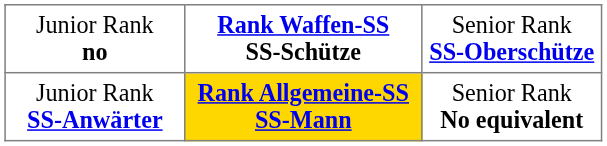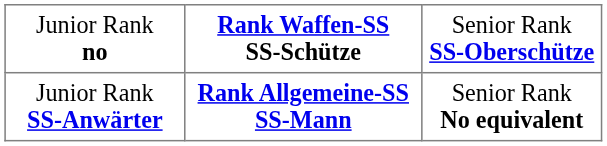 <table class="toccolours" border="1" cellpadding="4" cellspacing="0" style="border-collapse: collapse; margin: 0.5em auto; clear: both;">
 <tr>
 <td style="width:30%; text-align:center;">Junior Rank<br><strong>no</strong></td>
 <td style="width:40%; text-align:center;"><strong><a href='#'>Rank Waffen-SS</a></strong><br><strong>SS-Schütze</strong></td>
 <td style="width:30%; text-align:center;">Senior Rank<br><strong><a href='#'>SS-Oberschütze</a></strong></td>
 </tr>
 <tr>
 <td style="width:30%; text-align:center;">Junior Rank<br><strong><a href='#'>SS-Anwärter</a></strong></td>
-<td style="background: gold; width:40%; text-align:center;"><strong><a href='#'>Rank Allgemeine-SS</a></strong><br><strong><a href='#'>SS-Mann</a></strong></td>
+<td style="width:40%; text-align:center;"><strong><a href='#'>Rank Allgemeine-SS</a></strong><br><strong><a href='#'>SS-Mann</a></strong></td>
 <td style="width:30%; text-align:center;">Senior Rank<br><strong>No equivalent</strong></td>
 </tr>
 </table>
